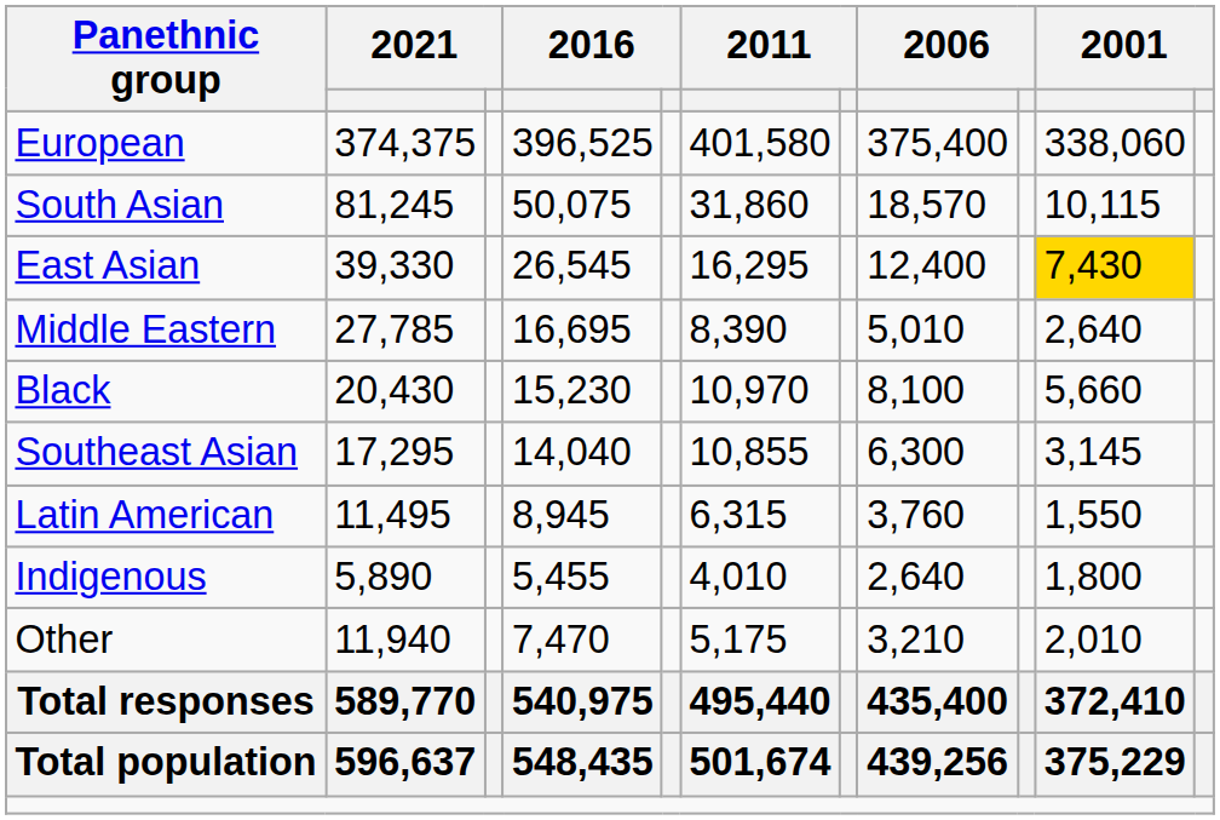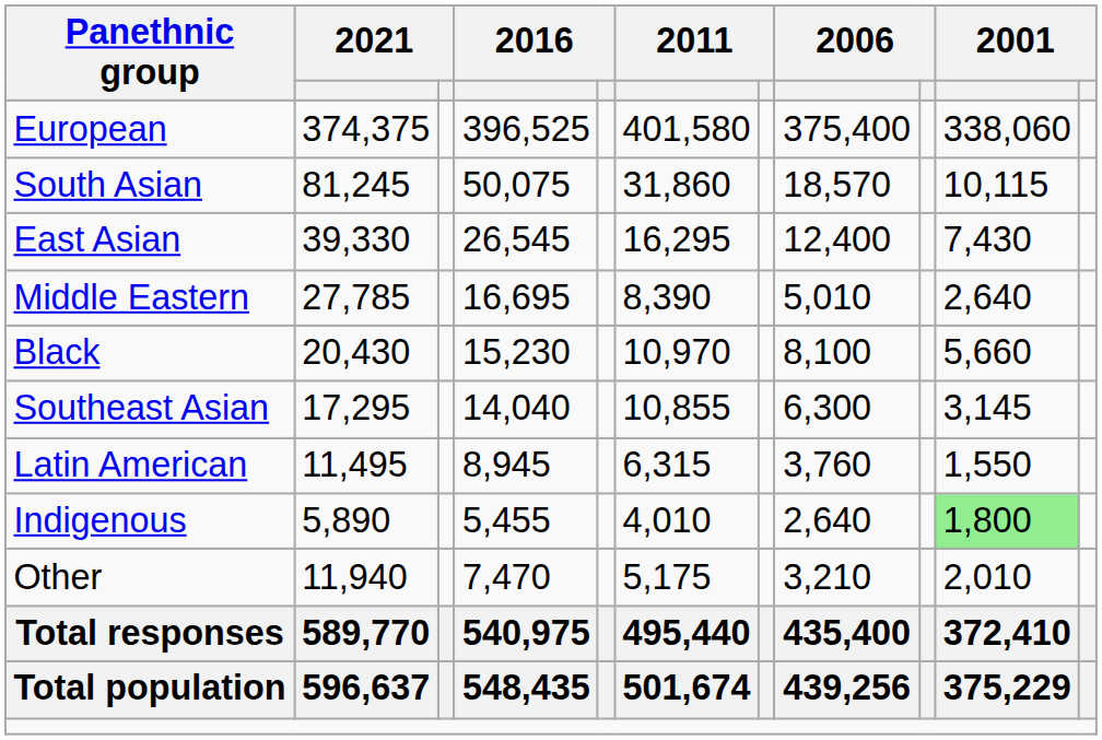 <table class="wikitable collapsible sortable">
 <tr>
 <th rowspan="2"><a href='#'>Panethnic</a><br>group</th>
 <th colspan="2">2021</th>
 <th colspan="2">2016</th>
 <th colspan="2">2011</th>
 <th colspan="2">2006</th>
 <th colspan="2">2001</th>
 </tr>
 <tr>
 <th><a href='#'></a></th>
 <th></th>
 <th></th>
 <th></th>
 <th></th>
 <th></th>
 <th></th>
 <th></th>
 <th></th>
 <th></th>
 </tr>
 <tr>
 <td><a href='#'>European</a></td>
 <td>374,375</td>
 <td></td>
 <td>396,525</td>
 <td></td>
 <td>401,580</td>
 <td></td>
 <td>375,400</td>
 <td></td>
 <td>338,060</td>
 <td></td>
 </tr>
 <tr>
 <td><a href='#'>South Asian</a></td>
 <td>81,245</td>
 <td></td>
 <td>50,075</td>
 <td></td>
 <td>31,860</td>
 <td></td>
 <td>18,570</td>
 <td></td>
 <td>10,115</td>
 <td></td>
 </tr>
 <tr>
 <td><a href='#'>East Asian</a></td>
 <td>39,330</td>
 <td></td>
 <td>26,545</td>
 <td></td>
 <td>16,295</td>
 <td></td>
 <td>12,400</td>
 <td></td>
-<td style="background: gold;">7,430</td>
+<td>7,430</td>
 <td></td>
 </tr>
 <tr>
 <td><a href='#'>Middle Eastern</a></td>
 <td>27,785</td>
 <td></td>
 <td>16,695</td>
 <td></td>
 <td>8,390</td>
 <td></td>
 <td>5,010</td>
 <td></td>
 <td>2,640</td>
 <td></td>
 </tr>
 <tr>
 <td><a href='#'>Black</a></td>
 <td>20,430</td>
 <td></td>
 <td>15,230</td>
 <td></td>
 <td>10,970</td>
 <td></td>
 <td>8,100</td>
 <td></td>
 <td>5,660</td>
 <td></td>
 </tr>
 <tr>
 <td><a href='#'>Southeast Asian</a></td>
 <td>17,295</td>
 <td></td>
 <td>14,040</td>
 <td></td>
 <td>10,855</td>
 <td></td>
 <td>6,300</td>
 <td></td>
 <td>3,145</td>
 <td></td>
 </tr>
 <tr>
 <td><a href='#'>Latin American</a></td>
 <td>11,495</td>
 <td></td>
 <td>8,945</td>
 <td></td>
 <td>6,315</td>
 <td></td>
 <td>3,760</td>
 <td></td>
 <td>1,550</td>
 <td></td>
 </tr>
 <tr>
 <td><a href='#'>Indigenous</a></td>
 <td>5,890</td>
 <td></td>
 <td>5,455</td>
 <td></td>
 <td>4,010</td>
 <td></td>
 <td>2,640</td>
 <td></td>
-<td>1,800</td>
+<td style="background: lightgreen;">1,800</td>
 <td></td>
 </tr>
 <tr>
 <td>Other</td>
 <td>11,940</td>
 <td></td>
 <td>7,470</td>
 <td></td>
 <td>5,175</td>
 <td></td>
 <td>3,210</td>
 <td></td>
 <td>2,010</td>
 <td></td>
 </tr>
 <tr>
 <th>Total responses</th>
 <th>589,770</th>
 <th></th>
 <th>540,975</th>
 <th></th>
 <th>495,440</th>
 <th></th>
 <th>435,400</th>
 <th></th>
 <th>372,410</th>
 <th></th>
 </tr>
 <tr>
 <th>Total population</th>
 <th>596,637</th>
 <th></th>
 <th>548,435</th>
 <th></th>
 <th>501,674</th>
 <th></th>
 <th>439,256</th>
 <th></th>
 <th>375,229</th>
 <th></th>
 </tr>
 <tr class="sortbottom">
 <td colspan="15"></td>
 </tr>
 </table>
